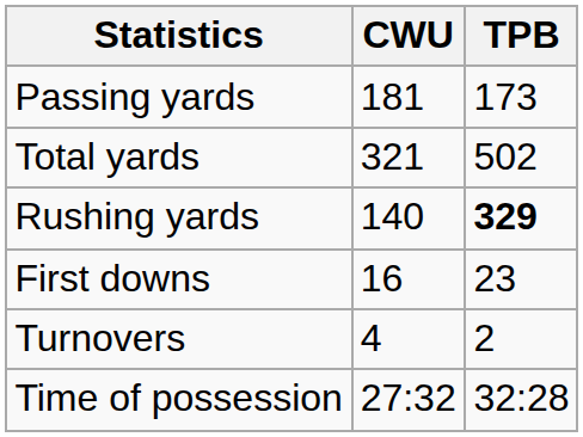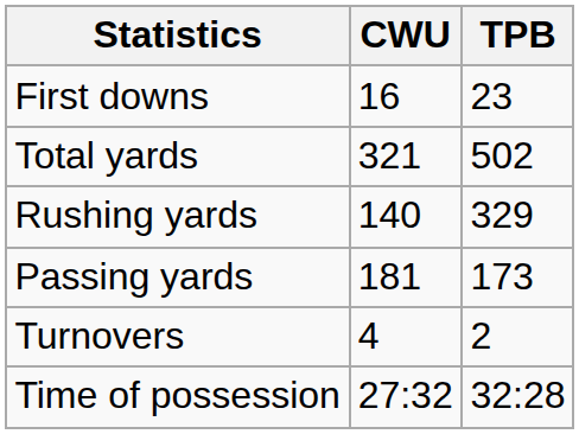 <table class="wikitable" style="float: left;">
 <tr>
 <th>Statistics</th>
 <th>CWU</th>
 <th>TPB</th>
 </tr>
 <tr>
-<td>Passing yards</td>
-<td>181</td>
-<td>173</td>
+<td>First downs</td>
+<td>16</td>
+<td>23</td>
 </tr>
 <tr>
 <td>Total yards</td>
 <td>321</td>
 <td>502</td>
 </tr>
 <tr>
 <td>Rushing yards</td>
 <td>140</td>
-<td><strong>329</strong></td>
+<td>329</td>
 </tr>
 <tr>
-<td>First downs</td>
-<td>16</td>
-<td>23</td>
+<td>Passing yards</td>
+<td>181</td>
+<td>173</td>
 </tr>
 <tr>
 <td>Turnovers</td>
 <td>4</td>
 <td>2</td>
 </tr>
 <tr>
 <td>Time of possession</td>
 <td>27:32</td>
 <td>32:28</td>
 </tr>
 <tr>
 </tr>
 </table>
